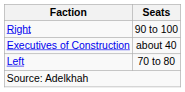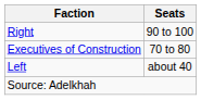 <table class=wikitable style=text-align:center>
 <tr>
 <th>Faction</th>
 <th>Seats</th>
 </tr>
 <tr>
 <td align=left><a href='#'>Right</a></td>
 <td>90 to 100</td>
 </tr>
 <tr>
 <td align=left><a href='#'>Executives of Construction</a></td>
-<td>about 40</td>
+<td>70 to 80</td>
 </tr>
 <tr>
 <td align=left><a href='#'>Left</a></td>
-<td>70 to 80</td>
+<td>about 40</td>
 </tr>
 <tr>
 <td colspan=4 align=left>Source: Adelkhah</td>
 </tr>
 </table>
